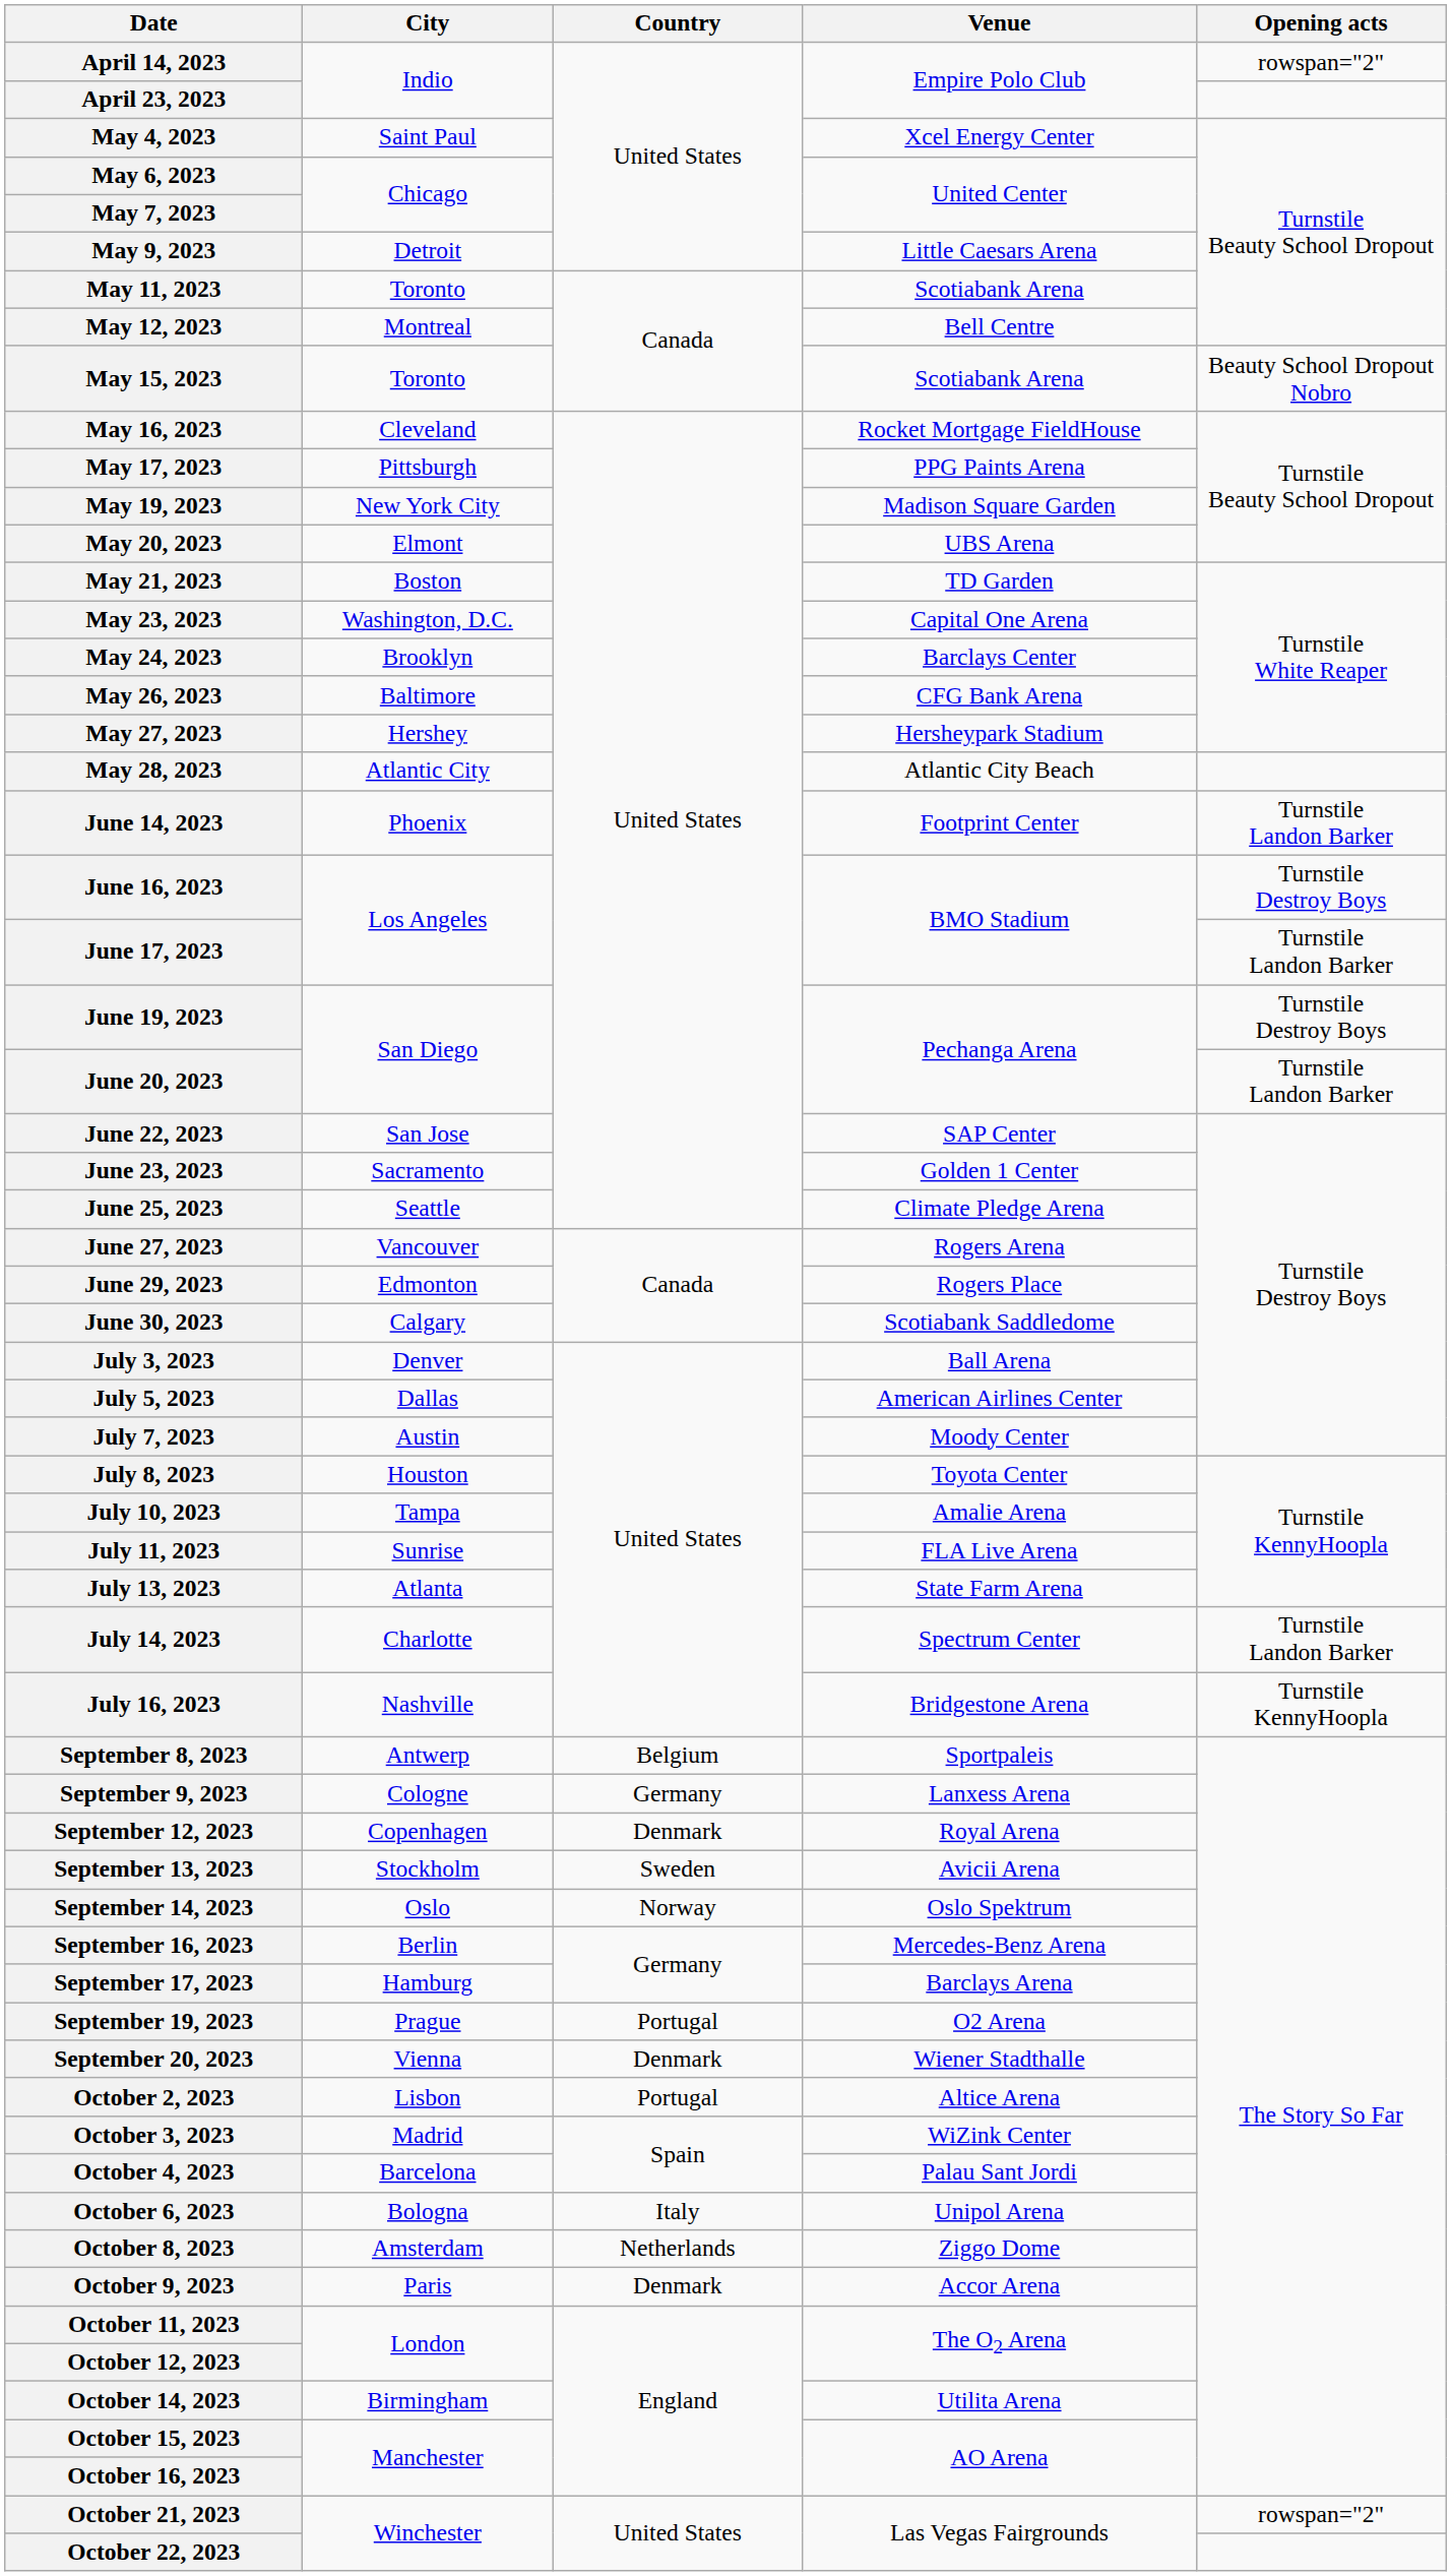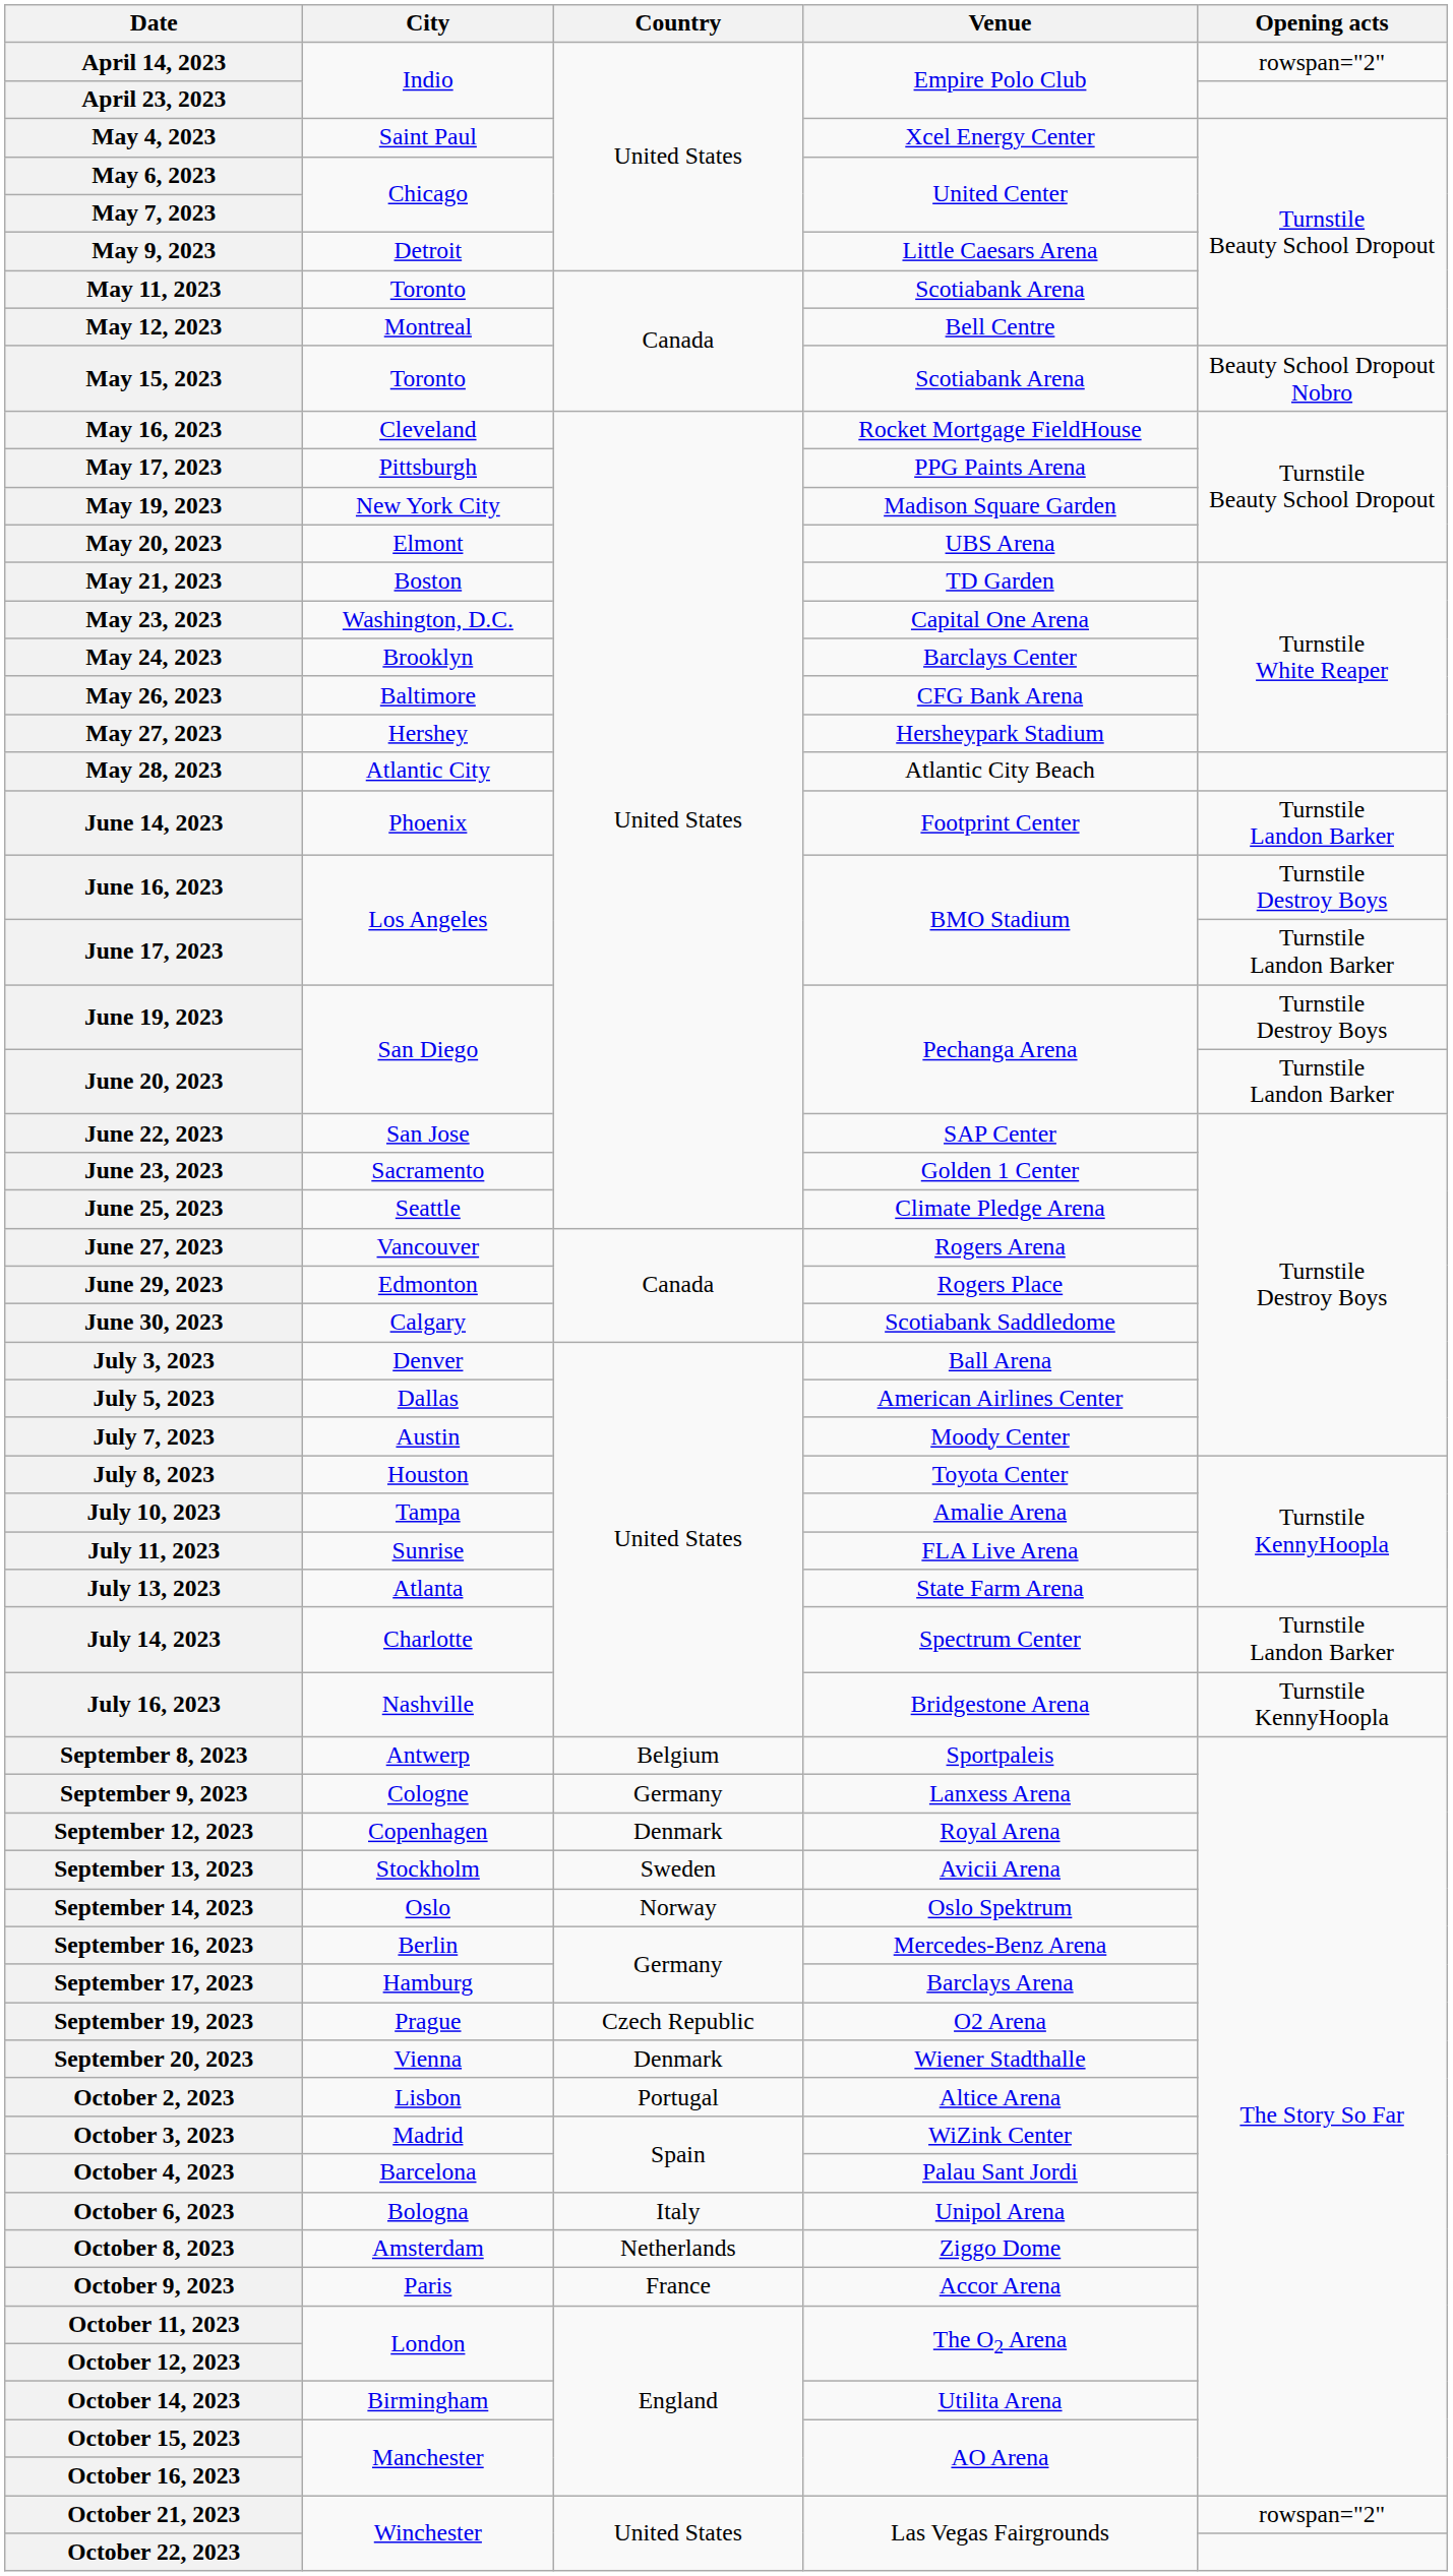 <table class="wikitable plainrowheaders" style="text-align:center;">
 <tr>
 <th scope="col" style="width:12em;">Date</th>
 <th scope="col" style="width:10em;">City</th>
 <th scope="col" style="width:10em;">Country</th>
 <th scope="col" style="width:16em;">Venue</th>
 <th scope="col" style="width:10em;">Opening acts</th>
 </tr>
 <tr>
 <th scope="row">April 14, 2023</th>
 <td rowspan="2"><a href='#'>Indio</a></td>
 <td rowspan="6">United States</td>
 <td rowspan="2"><a href='#'>Empire Polo Club</a></td>
 <td>rowspan="2" </td>
 </tr>
 <tr>
 <th scope="row">April 23, 2023</th>
 </tr>
 <tr>
 <th scope="row">May 4, 2023</th>
 <td><a href='#'>Saint Paul</a></td>
 <td><a href='#'>Xcel Energy Center</a></td>
 <td rowspan="6"><a href='#'>Turnstile</a><br>Beauty School Dropout</td>
 </tr>
 <tr>
 <th scope="row">May 6, 2023</th>
 <td rowspan="2"><a href='#'>Chicago</a></td>
 <td rowspan="2"><a href='#'>United Center</a></td>
 </tr>
 <tr>
 <th scope="row">May 7, 2023</th>
 </tr>
 <tr>
 <th scope="row">May 9, 2023</th>
 <td><a href='#'>Detroit</a></td>
 <td><a href='#'>Little Caesars Arena</a></td>
 </tr>
 <tr>
 <th scope="row">May 11, 2023</th>
 <td><a href='#'>Toronto</a></td>
 <td rowspan="3">Canada</td>
 <td><a href='#'>Scotiabank Arena</a></td>
 </tr>
 <tr>
 <th scope="row">May 12, 2023</th>
 <td><a href='#'>Montreal</a></td>
 <td><a href='#'>Bell Centre</a></td>
 </tr>
 <tr>
 <th scope="row">May 15, 2023</th>
 <td><a href='#'>Toronto</a></td>
 <td><a href='#'>Scotiabank Arena</a></td>
 <td>Beauty School Dropout<br><a href='#'>Nobro</a></td>
 </tr>
 <tr>
 <th scope="row">May 16, 2023</th>
 <td><a href='#'>Cleveland</a></td>
 <td rowspan="18">United States</td>
 <td><a href='#'>Rocket Mortgage FieldHouse</a></td>
 <td rowspan="4">Turnstile<br>Beauty School Dropout</td>
 </tr>
 <tr>
 <th scope="row">May 17, 2023</th>
 <td><a href='#'>Pittsburgh</a></td>
 <td><a href='#'>PPG Paints Arena</a></td>
 </tr>
 <tr>
 <th scope="row">May 19, 2023</th>
 <td><a href='#'>New York City</a></td>
 <td><a href='#'>Madison Square Garden</a></td>
 </tr>
 <tr>
 <th scope="row">May 20, 2023</th>
 <td><a href='#'>Elmont</a></td>
 <td><a href='#'>UBS Arena</a></td>
 </tr>
 <tr>
 <th scope="row">May 21, 2023</th>
 <td><a href='#'>Boston</a></td>
 <td><a href='#'>TD Garden</a></td>
 <td rowspan="5">Turnstile<br><a href='#'>White Reaper</a></td>
 </tr>
 <tr>
 <th scope="row">May 23, 2023</th>
 <td><a href='#'>Washington, D.C.</a></td>
 <td><a href='#'>Capital One Arena</a></td>
 </tr>
 <tr>
 <th scope="row">May 24, 2023</th>
 <td><a href='#'>Brooklyn</a></td>
 <td><a href='#'>Barclays Center</a></td>
 </tr>
 <tr>
 <th scope="row">May 26, 2023</th>
 <td><a href='#'>Baltimore</a></td>
 <td><a href='#'>CFG Bank Arena</a></td>
 </tr>
 <tr>
 <th scope="row">May 27, 2023</th>
 <td><a href='#'>Hershey</a></td>
 <td><a href='#'>Hersheypark Stadium</a></td>
 </tr>
 <tr>
 <th scope="row">May 28, 2023</th>
 <td><a href='#'>Atlantic City</a></td>
 <td>Atlantic City Beach</td>
 <td></td>
 </tr>
 <tr>
 <th scope="row">June 14, 2023</th>
 <td><a href='#'>Phoenix</a></td>
 <td><a href='#'>Footprint Center</a></td>
 <td>Turnstile<br><a href='#'>Landon Barker</a></td>
 </tr>
 <tr>
 <th scope="row">June 16, 2023</th>
 <td rowspan="2"><a href='#'>Los Angeles</a></td>
 <td rowspan="2'"><a href='#'>BMO Stadium</a></td>
 <td>Turnstile<br><a href='#'>Destroy Boys</a></td>
 </tr>
 <tr>
 <th scope="row">June 17, 2023</th>
 <td>Turnstile<br>Landon Barker</td>
 </tr>
 <tr>
 <th scope="row">June 19, 2023</th>
 <td rowspan="2"><a href='#'>San Diego</a></td>
 <td rowspan="2"><a href='#'>Pechanga Arena</a></td>
 <td>Turnstile<br>Destroy Boys</td>
 </tr>
 <tr>
 <th scope="row">June 20, 2023</th>
 <td>Turnstile<br>Landon Barker</td>
 </tr>
 <tr>
 <th scope="row">June 22, 2023</th>
 <td><a href='#'>San Jose</a></td>
 <td><a href='#'>SAP Center</a></td>
 <td rowspan="9">Turnstile<br>Destroy Boys</td>
 </tr>
 <tr>
 <th scope="row">June 23, 2023</th>
 <td><a href='#'>Sacramento</a></td>
 <td><a href='#'>Golden 1 Center</a></td>
 </tr>
 <tr>
 <th scope="row">June 25, 2023</th>
 <td><a href='#'>Seattle</a></td>
 <td><a href='#'>Climate Pledge Arena</a></td>
 </tr>
 <tr>
 <th scope="row">June 27, 2023</th>
 <td><a href='#'>Vancouver</a></td>
 <td rowspan="3">Canada</td>
 <td><a href='#'>Rogers Arena</a></td>
 </tr>
 <tr>
 <th scope="row">June 29, 2023</th>
 <td><a href='#'>Edmonton</a></td>
 <td><a href='#'>Rogers Place</a></td>
 </tr>
 <tr>
 <th scope="row">June 30, 2023</th>
 <td><a href='#'>Calgary</a></td>
 <td><a href='#'>Scotiabank Saddledome</a></td>
 </tr>
 <tr>
 <th scope="row">July 3, 2023</th>
 <td><a href='#'>Denver</a></td>
 <td rowspan="9">United States</td>
 <td><a href='#'>Ball Arena</a></td>
 </tr>
 <tr>
 <th scope="row">July 5, 2023</th>
 <td><a href='#'>Dallas</a></td>
 <td><a href='#'>American Airlines Center</a></td>
 </tr>
 <tr>
 <th scope="row">July 7, 2023</th>
 <td><a href='#'>Austin</a></td>
 <td><a href='#'>Moody Center</a></td>
 </tr>
 <tr>
 <th scope="row">July 8, 2023</th>
 <td><a href='#'>Houston</a></td>
 <td><a href='#'>Toyota Center</a></td>
 <td rowspan="4">Turnstile<br><a href='#'>KennyHoopla</a></td>
 </tr>
 <tr>
 <th scope="row">July 10, 2023</th>
 <td><a href='#'>Tampa</a></td>
 <td><a href='#'>Amalie Arena</a></td>
 </tr>
 <tr>
 <th scope="row">July 11, 2023</th>
 <td><a href='#'>Sunrise</a></td>
 <td><a href='#'>FLA Live Arena</a></td>
 </tr>
 <tr>
 <th scope="row">July 13, 2023</th>
 <td><a href='#'>Atlanta</a></td>
 <td><a href='#'>State Farm Arena</a></td>
 </tr>
 <tr>
 <th scope="row">July 14, 2023</th>
 <td><a href='#'>Charlotte</a></td>
 <td><a href='#'>Spectrum Center</a></td>
 <td>Turnstile<br>Landon Barker</td>
 </tr>
 <tr>
 <th scope="row">July 16, 2023</th>
 <td><a href='#'>Nashville</a></td>
 <td><a href='#'>Bridgestone Arena</a></td>
 <td>Turnstile<br>KennyHoopla</td>
 </tr>
 <tr>
 <th scope="row">September 8, 2023</th>
 <td><a href='#'>Antwerp</a></td>
 <td>Belgium</td>
 <td><a href='#'>Sportpaleis</a></td>
 <td rowspan="20"><a href='#'>The Story So Far</a></td>
 </tr>
 <tr>
 <th scope="row">September 9, 2023</th>
 <td><a href='#'>Cologne</a></td>
 <td>Germany</td>
 <td><a href='#'>Lanxess Arena</a></td>
 </tr>
 <tr>
 <th scope="row">September 12, 2023</th>
 <td><a href='#'>Copenhagen</a></td>
 <td>Denmark</td>
 <td><a href='#'>Royal Arena</a></td>
 </tr>
 <tr>
 <th scope="row">September 13, 2023</th>
 <td><a href='#'>Stockholm</a></td>
 <td>Sweden</td>
 <td><a href='#'>Avicii Arena</a></td>
 </tr>
 <tr>
 <th scope="row">September 14, 2023</th>
 <td><a href='#'>Oslo</a></td>
 <td>Norway</td>
 <td><a href='#'>Oslo Spektrum</a></td>
 </tr>
 <tr>
 <th scope="row">September 16, 2023</th>
 <td><a href='#'>Berlin</a></td>
 <td rowspan="2">Germany</td>
 <td><a href='#'>Mercedes-Benz Arena</a></td>
 </tr>
 <tr>
 <th scope="row">September 17, 2023</th>
 <td><a href='#'>Hamburg</a></td>
 <td><a href='#'>Barclays Arena</a></td>
 </tr>
 <tr>
 <th scope="row">September 19, 2023</th>
 <td><a href='#'>Prague</a></td>
-<td>Portugal</td>
+<td>Czech Republic</td>
 <td><a href='#'>O2 Arena</a></td>
 </tr>
 <tr>
 <th scope="row">September 20, 2023</th>
 <td><a href='#'>Vienna</a></td>
 <td>Denmark</td>
 <td><a href='#'>Wiener Stadthalle</a></td>
 </tr>
 <tr>
 <th scope="row">October 2, 2023</th>
 <td><a href='#'>Lisbon</a></td>
 <td>Portugal</td>
 <td><a href='#'>Altice Arena</a></td>
 </tr>
 <tr>
 <th scope="row">October 3, 2023</th>
 <td><a href='#'>Madrid</a></td>
 <td rowspan="2">Spain</td>
 <td><a href='#'>WiZink Center</a></td>
 </tr>
 <tr>
 <th scope="row">October 4, 2023</th>
 <td><a href='#'>Barcelona</a></td>
 <td><a href='#'>Palau Sant Jordi</a></td>
 </tr>
 <tr>
 <th scope="row">October 6, 2023</th>
 <td><a href='#'>Bologna</a></td>
 <td>Italy</td>
 <td><a href='#'>Unipol Arena</a></td>
 </tr>
 <tr>
 <th scope="row">October 8, 2023</th>
 <td><a href='#'>Amsterdam</a></td>
 <td>Netherlands</td>
 <td><a href='#'>Ziggo Dome</a></td>
 </tr>
 <tr>
 <th scope="row">October 9, 2023</th>
 <td><a href='#'>Paris</a></td>
-<td>Denmark</td>
+<td>France</td>
 <td><a href='#'>Accor Arena</a></td>
 </tr>
 <tr>
 <th scope="row">October 11, 2023</th>
 <td rowspan="2"><a href='#'>London</a></td>
 <td rowspan="5">England</td>
 <td rowspan="2"><a href='#'>The O<sub>2</sub> Arena</a></td>
 </tr>
 <tr>
 <th scope="row">October 12, 2023</th>
 </tr>
 <tr>
 <th scope="row">October 14, 2023</th>
 <td><a href='#'>Birmingham</a></td>
 <td><a href='#'>Utilita Arena</a></td>
 </tr>
 <tr>
 <th scope="row">October 15, 2023</th>
 <td rowspan="2"><a href='#'>Manchester</a></td>
 <td rowspan="2"><a href='#'>AO Arena</a></td>
 </tr>
 <tr>
 <th scope="row">October 16, 2023</th>
 </tr>
 <tr>
 <th scope="row">October 21, 2023</th>
 <td rowspan="2"><a href='#'>Winchester</a></td>
 <td rowspan="2">United States</td>
 <td rowspan="2">Las Vegas Fairgrounds</td>
 <td>rowspan="2" </td>
 </tr>
 <tr>
 <th scope="row">October 22, 2023</th>
 </tr>
 </table>
